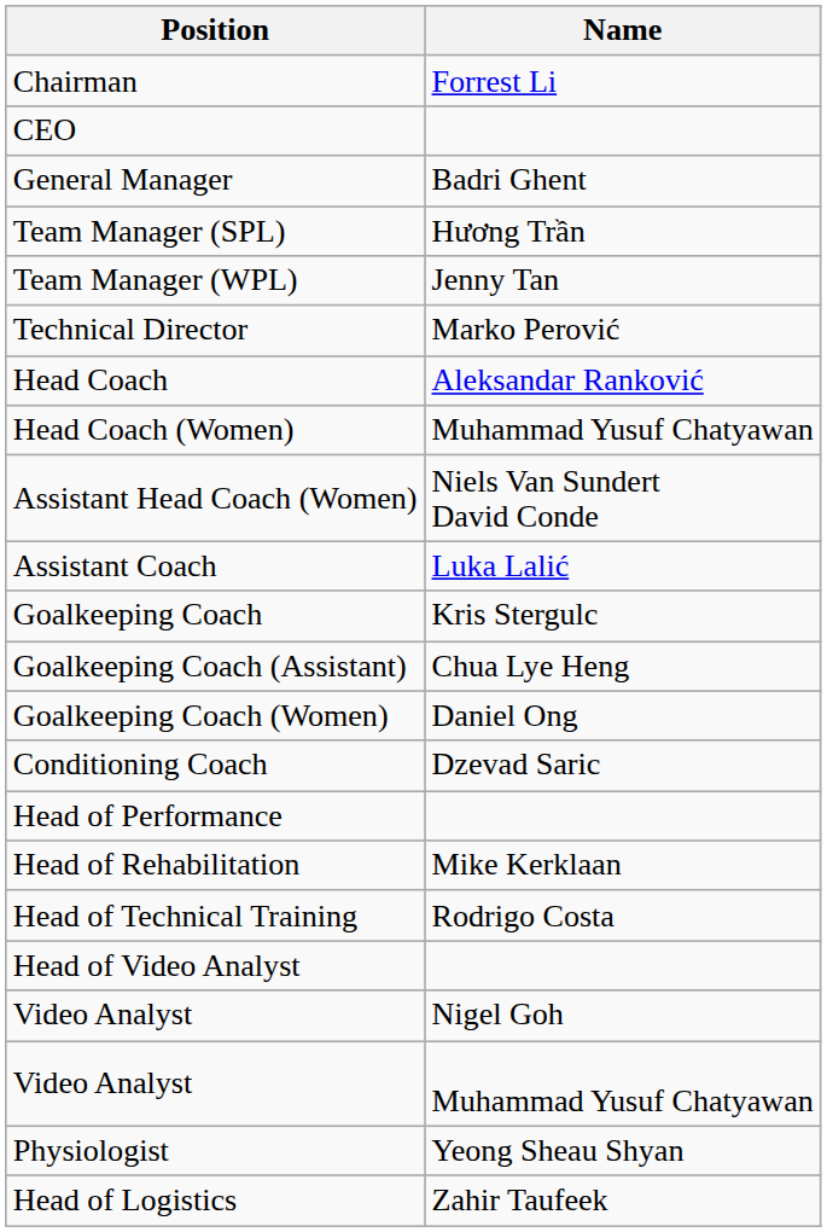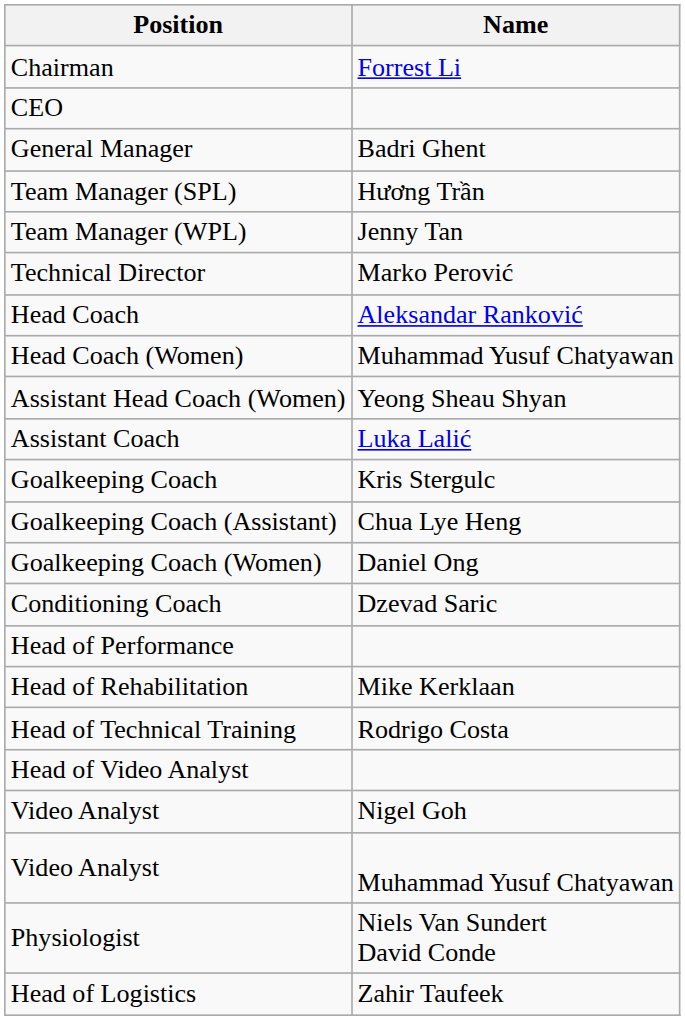 <table class="wikitable">
 <tr>
 <th>Position</th>
 <th>Name</th>
 </tr>
 <tr>
 <td>Chairman</td>
 <td> <a href='#'>Forrest Li</a></td>
 </tr>
 <tr>
 <td>CEO</td>
 <td></td>
 </tr>
 <tr>
 <td>General Manager</td>
 <td> Badri Ghent</td>
 </tr>
 <tr>
 <td>Team Manager (SPL)</td>
 <td> Hương Trần</td>
 </tr>
 <tr>
 <td>Team Manager (WPL)</td>
 <td> Jenny Tan</td>
 </tr>
 <tr>
 <td>Technical Director</td>
 <td> Marko Perović</td>
 </tr>
 <tr>
 <td>Head Coach</td>
 <td> <a href='#'>Aleksandar Ranković</a></td>
 </tr>
 <tr>
 <td>Head Coach (Women)</td>
 <td> Muhammad Yusuf Chatyawan</td>
 </tr>
 <tr>
 <td>Assistant Head Coach (Women)</td>
-<td>  Niels Van Sundert <br>  David Conde</td>
+<td> Yeong Sheau Shyan</td>
 </tr>
 <tr>
 <td>Assistant Coach</td>
 <td> <a href='#'>Luka Lalić</a></td>
 </tr>
 <tr>
 <td>Goalkeeping Coach</td>
 <td> Kris Stergulc</td>
 </tr>
 <tr>
 <td>Goalkeeping Coach (Assistant)</td>
 <td> Chua Lye Heng</td>
 </tr>
 <tr>
 <td>Goalkeeping Coach (Women)</td>
 <td> Daniel Ong</td>
 </tr>
 <tr>
 <td>Conditioning Coach</td>
 <td> Dzevad Saric</td>
 </tr>
 <tr>
 <td>Head of Performance</td>
 <td></td>
 </tr>
 <tr>
 <td>Head of Rehabilitation</td>
 <td> Mike Kerklaan</td>
 </tr>
 <tr>
 <td>Head of Technical Training</td>
 <td> Rodrigo Costa</td>
 </tr>
 <tr>
 <td>Head of Video Analyst</td>
 <td></td>
 </tr>
 <tr>
 <td>Video Analyst</td>
 <td> Nigel Goh</td>
 </tr>
 <tr>
 <td>Video Analyst</td>
 <td><br>Muhammad Yusuf Chatyawan</td>
 </tr>
 <tr>
 <td>Physiologist</td>
-<td> Yeong Sheau Shyan</td>
+<td>  Niels Van Sundert <br>  David Conde</td>
 </tr>
 <tr>
 <td>Head of Logistics</td>
 <td> Zahir Taufeek</td>
 </tr>
 <tr>
 </tr>
 </table>
